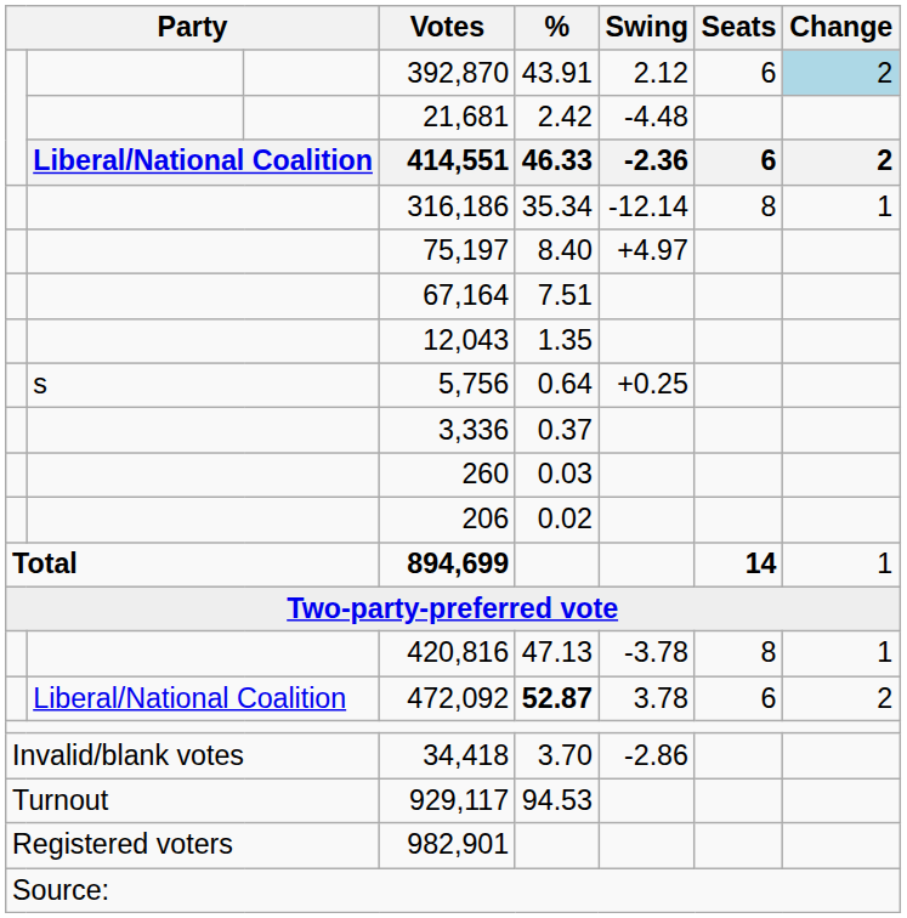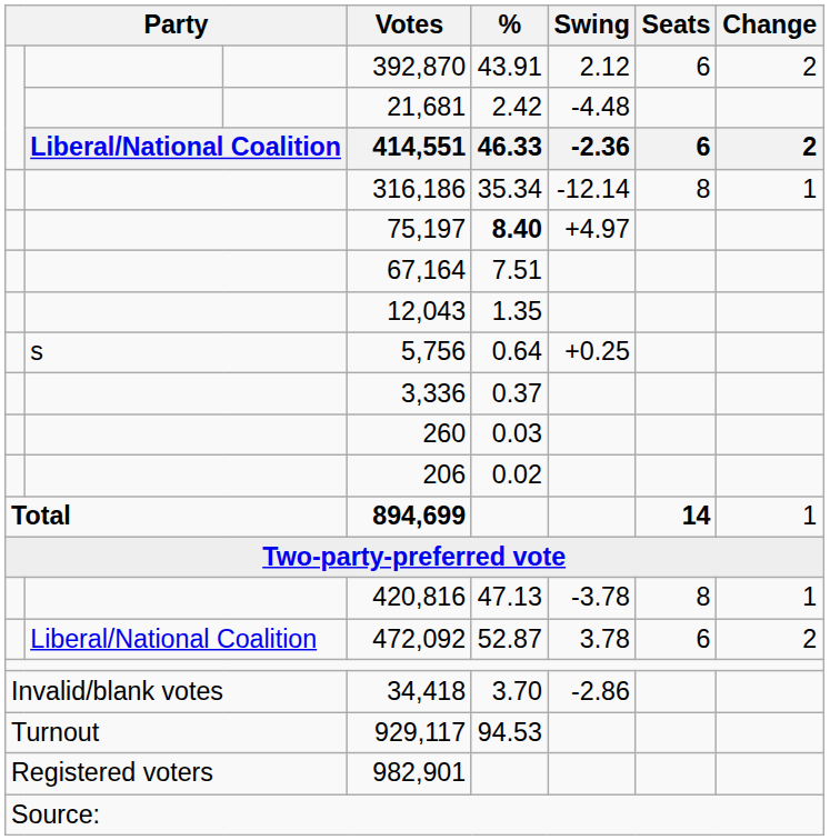 <table class="wikitable">
 <tr>
 <th colspan="3" style="width:200px"><strong>Party</strong></th>
 <th style="width:70px; text-align:center;"><strong>Votes</strong></th>
 <th style="width:40px; text-align:center;"><strong>%</strong></th>
 <th style="width:40px; text-align:center;"><strong>Swing</strong></th>
 <th style="width:40px; text-align:center;"><strong>Seats</strong></th>
 <th style="width:40px; text-align:center;"><strong>Change</strong></th>
 </tr>
 <tr>
 <td rowspan="3"> </td>
 <td> </td>
 <td></td>
 <td align=right>392,870</td>
 <td align=right>43.91</td>
 <td align=right>2.12</td>
 <td align=right>6</td>
-<td align=right style="background: lightblue;"> 2</td>
+<td align=right> 2</td>
 </tr>
 <tr>
 <td> </td>
 <td></td>
 <td align=right>21,681</td>
 <td align=right>2.42</td>
 <td align=right>-4.48</td>
 <td align=right></td>
 <td align=right></td>
 </tr>
 <tr>
 <th colspan="2" style="text-align:left;"><a href='#'>Liberal/National Coalition</a></th>
 <th style="text-align:right;">414,551</th>
 <th style="text-align:right;">46.33</th>
 <th style="text-align:right;">-2.36</th>
 <th style="text-align:right;">6</th>
 <th style="text-align:right;"> 2</th>
 </tr>
 <tr>
 <td> </td>
 <td colspan=2></td>
 <td align=right>316,186</td>
 <td align=right>35.34</td>
 <td align=right>-12.14</td>
 <td align=right>8</td>
 <td align=right> 1</td>
 </tr>
 <tr>
 <td> </td>
 <td colspan=2></td>
 <td align=right>75,197</td>
-<td align=right>8.40</td>
+<td align=right><strong>8.40</strong></td>
 <td align=right>+4.97</td>
 <td align=right></td>
 <td align=right></td>
 </tr>
 <tr>
 <td> </td>
 <td colspan=2></td>
 <td align=right>67,164</td>
 <td align=right>7.51</td>
 <td align=right></td>
 <td align=right></td>
 <td align=right></td>
 </tr>
 <tr>
 <td> </td>
 <td colspan=2></td>
 <td align=right>12,043</td>
 <td align=right>1.35</td>
 <td align=right></td>
 <td align=right></td>
 <td align=right></td>
 </tr>
 <tr>
 <td> </td>
 <td colspan=2>s</td>
 <td align=right>5,756</td>
 <td align=right>0.64</td>
 <td align=right>+0.25</td>
 <td align=right></td>
 <td align=right></td>
 </tr>
 <tr>
 <td> </td>
 <td colspan=2></td>
 <td align=right>3,336</td>
 <td align=right>0.37</td>
 <td align=right></td>
 <td align=right></td>
 <td align=right></td>
 </tr>
 <tr>
 <td> </td>
 <td colspan="2"></td>
 <td align="right">260</td>
 <td align="right">0.03</td>
 <td align="right"></td>
 <td align="right"></td>
 <td align="right"></td>
 </tr>
 <tr>
 <td> </td>
 <td colspan="2"></td>
 <td align="right">206</td>
 <td align="right">0.02</td>
 <td align="right"></td>
 <td align="right"></td>
 <td align="right"></td>
 </tr>
 <tr>
 <td colspan="3" align="left"><strong>Total</strong></td>
 <td align=right><strong>894,699</strong></td>
 <td align=right></td>
 <td align=right></td>
 <td align=right><strong>14</strong></td>
 <td align=right> 1</td>
 </tr>
 <tr>
 <td colspan="8" style="text-align:center; background:#eee;"><strong><a href='#'>Two-party-preferred vote</a></strong></td>
 </tr>
 <tr>
 <td> </td>
 <td colspan=2></td>
 <td align=right>420,816</td>
 <td align=right>47.13</td>
 <td align=right>-3.78</td>
 <td align=right>8</td>
 <td align=right> 1</td>
 </tr>
 <tr>
 <td> </td>
 <td colspan=2><a href='#'>Liberal/National Coalition</a></td>
 <td align=right>472,092</td>
-<td align=right><strong>52.87</strong></td>
+<td align=right>52.87</td>
 <td align=right>3.78</td>
 <td align=right>6</td>
 <td align=right> 2</td>
 </tr>
 <tr>
 <td colspan="8"></td>
 </tr>
 <tr>
 <td colspan="3" style="text-align:left;">Invalid/blank votes</td>
 <td align=right>34,418</td>
 <td align=right>3.70</td>
 <td align=right>-2.86</td>
 <td></td>
 <td></td>
 </tr>
 <tr>
 <td colspan="3" style="text-align:left;">Turnout</td>
 <td align=right>929,117</td>
 <td align=right>94.53</td>
 <td></td>
 <td></td>
 <td></td>
 </tr>
 <tr>
 <td colspan="3" style="text-align:left;">Registered voters</td>
 <td align=right>982,901</td>
 <td></td>
 <td></td>
 <td></td>
 <td></td>
 </tr>
 <tr>
 <td colspan="8" align="left">Source: </td>
 </tr>
 </table>
